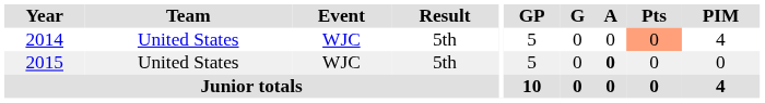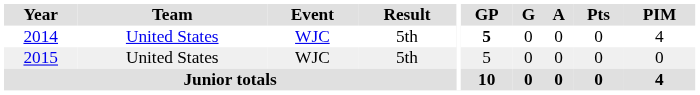 <table border="0" cellpadding="1" cellspacing="0" ID="Table3" style="text-align:center; width:40em">
 <tr ALIGN="center" bgcolor="#e0e0e0">
 <th>Year</th>
 <th>Team</th>
 <th>Event</th>
 <th>Result</th>
 <th rowspan="99" bgcolor="#ffffff"></th>
 <th>GP</th>
 <th>G</th>
 <th>A</th>
 <th>Pts</th>
 <th>PIM</th>
 </tr>
 <tr>
 <td><a href='#'>2014</a></td>
 <td><a href='#'>United States</a></td>
 <td><a href='#'>WJC</a></td>
 <td>5th</td>
-<td>5</td>
+<td><strong>5</strong></td>
 <td>0</td>
 <td>0</td>
-<td style="background: lightsalmon;">0</td>
+<td>0</td>
 <td>4</td>
 </tr>
 <tr bgcolor="#f0f0f0">
 <td><a href='#'>2015</a></td>
 <td>United States</td>
 <td>WJC</td>
 <td>5th</td>
 <td>5</td>
 <td>0</td>
-<td><strong>0</strong></td>
+<td>0</td>
 <td>0</td>
 <td>0</td>
 </tr>
 <tr bgcolor="#e0e0e0">
 <th colspan="4">Junior totals</th>
 <th>10</th>
 <th>0</th>
 <th>0</th>
 <th>0</th>
 <th>4</th>
 </tr>
 </table>
